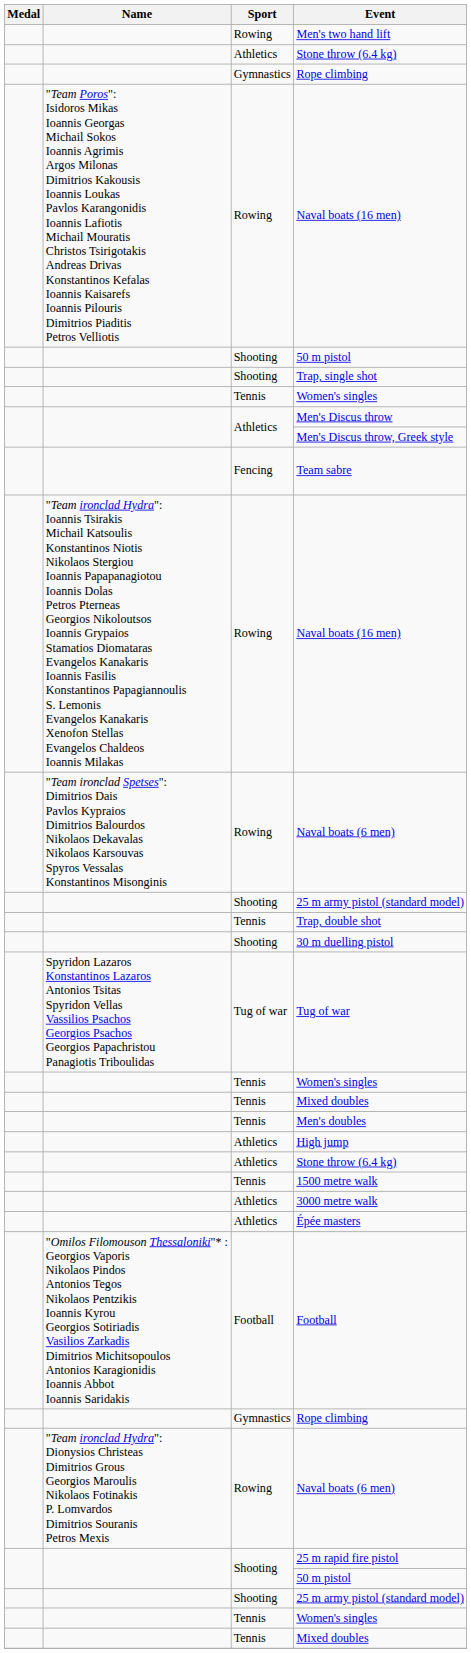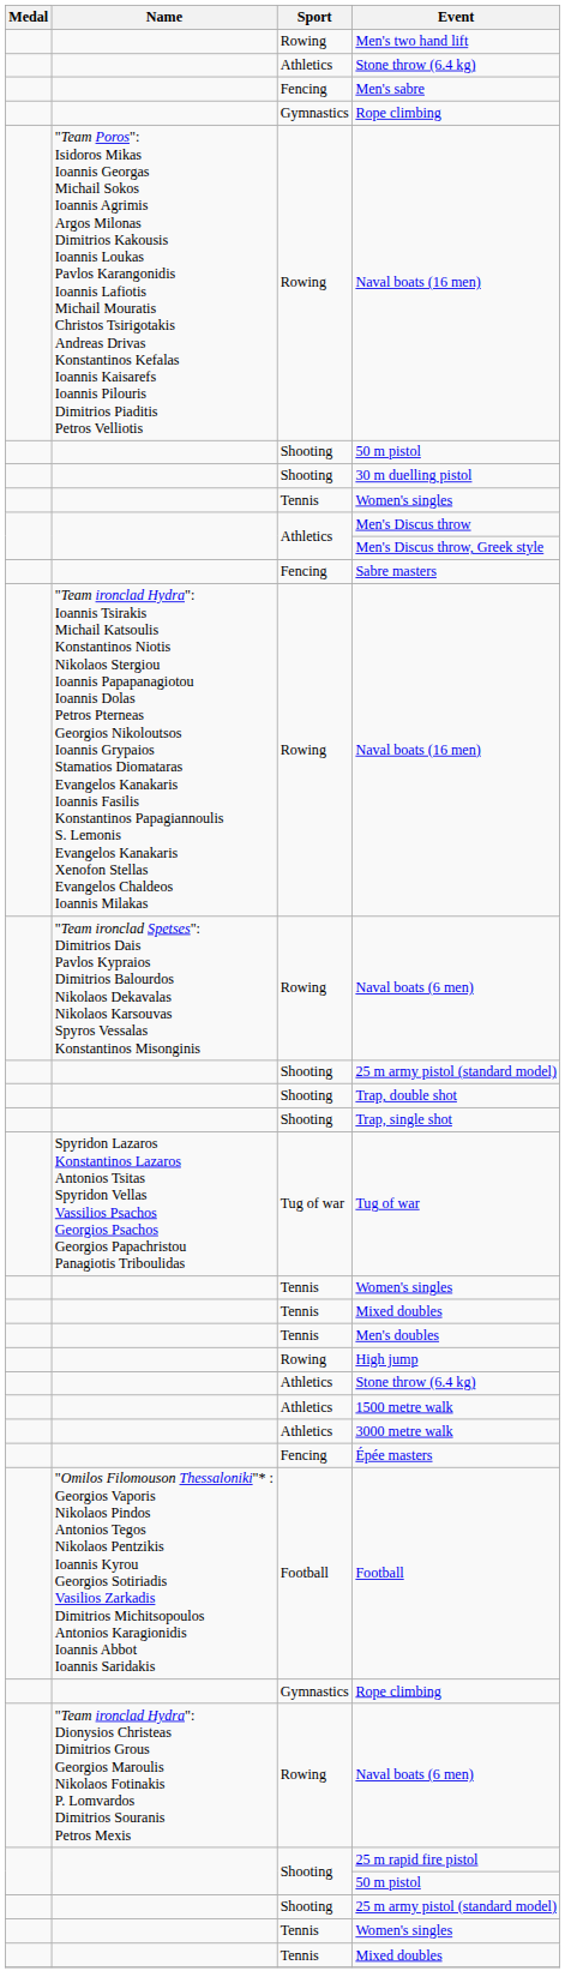 <table class="wikitable sortable" style="font-size:90%">
 <tr>
 <th>Medal</th>
 <th>Name</th>
 <th>Sport</th>
 <th>Event</th>
 </tr>
 <tr>
 <td></td>
 <td></td>
 <td>Rowing</td>
 <td><a href='#'>Men's two hand lift</a></td>
 </tr>
 <tr>
 <td></td>
 <td></td>
 <td>Athletics</td>
 <td><a href='#'>Stone throw (6.4 kg)</a></td>
+</tr>
+<tr>
+<td></td>
+<td></td>
+<td>Fencing</td>
+<td><a href='#'>Men's sabre</a></td>
 </tr>
 <tr>
 <td></td>
 <td></td>
 <td>Gymnastics</td>
 <td><a href='#'>Rope climbing</a></td>
 </tr>
 <tr>
 <td></td>
 <td>"<em>Team <a href='#'>Poros</a></em>":<br>Isidoros Mikas<br>Ioannis Georgas<br>Michail Sokos<br>Ioannis Agrimis<br>Argos Milonas<br>Dimitrios Kakousis<br>Ioannis Loukas<br>Pavlos Karangonidis<br>Ioannis Lafiotis<br>Michail Mouratis<br>Christos Tsirigotakis<br>Andreas Drivas<br>Konstantinos Kefalas<br>Ioannis Kaisarefs<br>Ioannis Pilouris<br>Dimitrios Piaditis<br>Petros Velliotis</td>
 <td>Rowing</td>
 <td><a href='#'>Naval boats (16 men)</a></td>
 </tr>
 <tr>
 <td></td>
 <td></td>
 <td>Shooting</td>
 <td><a href='#'>50 m pistol</a></td>
 </tr>
 <tr>
 <td></td>
 <td></td>
 <td>Shooting</td>
-<td><a href='#'>Trap, single shot</a></td>
+<td><a href='#'>30 m duelling pistol</a></td>
 </tr>
 <tr>
 <td></td>
 <td></td>
 <td>Tennis</td>
 <td><a href='#'>Women's singles</a></td>
 </tr>
 <tr>
 <td rowspan=2></td>
 <td rowspan=2></td>
 <td rowspan=2>Athletics</td>
 <td><a href='#'>Men's Discus throw</a></td>
 </tr>
 <tr>
 <td><a href='#'>Men's Discus throw, Greek style</a></td>
 </tr>
 <tr>
 <td></td>
-<td><br><br><br></td>
+<td></td>
 <td>Fencing</td>
-<td><a href='#'>Team sabre</a></td>
+<td><a href='#'>Sabre masters</a></td>
 </tr>
 <tr>
 <td></td>
 <td>"<em>Team <a href='#'>ironclad Hydra</a></em>":<br>Ioannis Tsirakis<br>Michail Katsoulis<br>Konstantinos Niotis<br>Nikolaos Stergiou<br>Ioannis Papapanagiotou<br>Ioannis Dolas<br>Petros Pterneas<br>Georgios Nikoloutsos<br>Ioannis Grypaios<br>Stamatios Diomataras<br>Evangelos Kanakaris<br>Ioannis Fasilis<br>Konstantinos Papagiannoulis<br>S. Lemonis<br>Evangelos Kanakaris<br>Xenofon Stellas<br>Evangelos Chaldeos<br>Ioannis Milakas</td>
 <td>Rowing</td>
 <td><a href='#'>Naval boats (16 men)</a></td>
 </tr>
 <tr>
 <td></td>
 <td>"<em>Team ironclad <a href='#'>Spetses</a></em>":<br>Dimitrios Dais<br>Pavlos Kypraios<br>Dimitrios Balourdos<br>Nikolaos Dekavalas<br>Nikolaos Karsouvas<br>Spyros Vessalas<br>Konstantinos Misonginis</td>
 <td>Rowing</td>
 <td><a href='#'>Naval boats (6 men)</a></td>
 </tr>
 <tr>
 <td></td>
 <td></td>
 <td>Shooting</td>
 <td><a href='#'>25 m army pistol (standard model)</a></td>
 </tr>
 <tr>
 <td></td>
 <td></td>
-<td>Tennis</td>
+<td>Shooting</td>
 <td><a href='#'>Trap, double shot</a></td>
 </tr>
 <tr>
 <td></td>
 <td></td>
 <td>Shooting</td>
-<td><a href='#'>30 m duelling pistol</a></td>
+<td><a href='#'>Trap, single shot</a></td>
 </tr>
 <tr>
 <td></td>
 <td>Spyridon Lazaros<br><a href='#'>Konstantinos Lazaros</a><br>Antonios Tsitas<br>Spyridon Vellas<br><a href='#'>Vassilios Psachos</a><br><a href='#'>Georgios Psachos</a><br>Georgios Papachristou<br>Panagiotis Triboulidas</td>
 <td>Tug of war</td>
 <td><a href='#'>Tug of war</a></td>
 </tr>
 <tr>
 <td></td>
 <td></td>
 <td>Tennis</td>
 <td><a href='#'>Women's singles</a></td>
 </tr>
 <tr>
 <td></td>
 <td><br></td>
 <td>Tennis</td>
 <td><a href='#'>Mixed doubles</a></td>
 </tr>
 <tr>
 <td></td>
 <td><br></td>
 <td>Tennis</td>
 <td><a href='#'>Men's doubles</a></td>
 </tr>
 <tr>
 <td></td>
 <td></td>
-<td>Athletics</td>
+<td>Rowing</td>
 <td><a href='#'>High jump</a></td>
 </tr>
 <tr>
 <td></td>
 <td></td>
 <td>Athletics</td>
 <td><a href='#'>Stone throw (6.4 kg)</a></td>
 </tr>
 <tr>
 <td></td>
 <td></td>
-<td>Tennis</td>
+<td>Athletics</td>
 <td><a href='#'>1500 metre walk</a></td>
 </tr>
 <tr>
 <td></td>
 <td></td>
 <td>Athletics</td>
 <td><a href='#'>3000 metre walk</a></td>
 </tr>
 <tr>
 <td></td>
 <td></td>
-<td>Athletics</td>
+<td>Fencing</td>
 <td><a href='#'>Épée masters</a></td>
 </tr>
 <tr>
 <td></td>
 <td>"<em>Omilos Filomouson <a href='#'>Thessaloniki</a></em>"* :<br>Georgios Vaporis<br>Nikolaos Pindos<br>Antonios Tegos<br>Nikolaos Pentzikis<br>Ioannis Kyrou<br> Georgios Sotiriadis<br><a href='#'>Vasilios Zarkadis</a><br> Dimitrios Michitsopoulos<br>Antonios Karagionidis<br>Ioannis Abbot<br>Ioannis Saridakis</td>
 <td>Football</td>
 <td><a href='#'>Football</a></td>
 </tr>
 <tr>
 <td></td>
 <td></td>
 <td>Gymnastics</td>
 <td><a href='#'>Rope climbing</a></td>
 </tr>
 <tr>
 <td></td>
 <td>"<em>Team <a href='#'>ironclad Hydra</a></em>":<br>Dionysios Christeas<br>Dimitrios Grous<br>Georgios Maroulis<br>Nikolaos Fotinakis<br>P. Lomvardos<br>Dimitrios Souranis<br>Petros Mexis</td>
 <td>Rowing</td>
 <td><a href='#'>Naval boats (6 men)</a></td>
 </tr>
 <tr>
 <td rowspan=2></td>
 <td rowspan=2></td>
 <td rowspan=2>Shooting</td>
 <td><a href='#'>25 m rapid fire pistol</a></td>
 </tr>
 <tr>
 <td><a href='#'>50 m pistol</a></td>
 </tr>
 <tr>
 <td></td>
 <td></td>
 <td>Shooting</td>
 <td><a href='#'>25 m army pistol (standard model)</a></td>
 </tr>
 <tr>
 <td></td>
 <td></td>
 <td>Tennis</td>
 <td><a href='#'>Women's singles</a></td>
 </tr>
 <tr>
 <td></td>
 <td><br></td>
 <td>Tennis</td>
 <td><a href='#'>Mixed doubles</a></td>
 </tr>
 <tr>
 </tr>
 </table>
